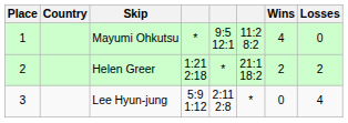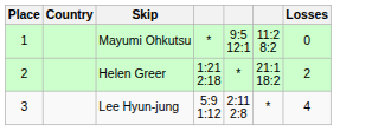 <table class="wikitable" style="text-align:center;">
 <tr>
 <th>Place</th>
 <th>Country</th>
 <th>Skip</th>
 <th width="25"></th>
 <th width="25"></th>
 <th width="25"></th>
-<th>Wins</th>
 <th>Losses</th>
 </tr>
 <tr bgcolor=#ccffcc>
 <td>1</td>
 <td align=left></td>
 <td align=left>Mayumi Ohkutsu</td>
 <td>*</td>
 <td>9:5<br>12:1</td>
 <td>11:2<br> 8:2</td>
-<td>4</td>
 <td>0</td>
 </tr>
 <tr bgcolor=#ccffcc>
 <td>2</td>
 <td align=left></td>
 <td align=left>Helen Greer</td>
 <td>1:21<br>2:18</td>
 <td>*</td>
 <td>21:1<br>18:2</td>
 <td>2</td>
-<td>2</td>
 </tr>
 <tr>
 <td>3</td>
 <td align=left></td>
 <td align=left>Lee Hyun-jung</td>
 <td>5:9<br>1:12</td>
 <td>2:11<br> 2:8</td>
 <td>*</td>
-<td>0</td>
 <td>4</td>
 </tr>
 </table>
